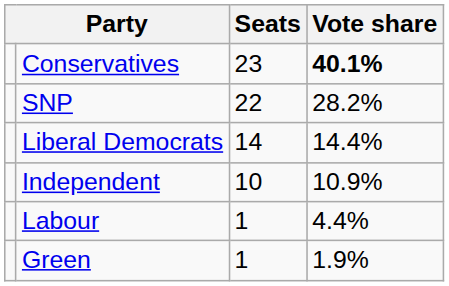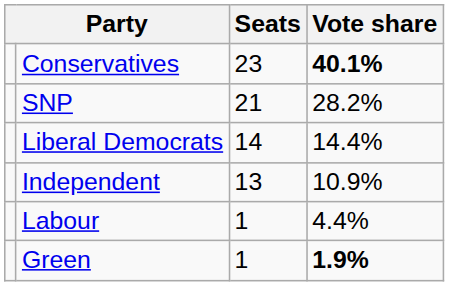 <table class="wikitable sortable">
 <tr>
 <th scope="col" colspan="2">Party</th>
 <th scope="col">Seats</th>
 <th scope="col">Vote share</th>
 </tr>
 <tr>
 <td style="background-color: "></td>
 <td scope="row"><a href='#'>Conservatives</a></td>
 <td>23</td>
 <td><strong>40.1%</strong></td>
 </tr>
 <tr>
 <td style="background-color: "></td>
 <td scope="row"><a href='#'>SNP</a></td>
-<td>22</td>
+<td>21</td>
 <td>28.2%</td>
 </tr>
 <tr>
 <td style="background-color: "></td>
 <td scope="row"><a href='#'>Liberal Democrats</a></td>
 <td>14</td>
 <td>14.4%</td>
 </tr>
 <tr>
 <td style="background-color: "></td>
 <td scope="row"><a href='#'>Independent</a></td>
-<td>10</td>
+<td>13</td>
 <td>10.9%</td>
 </tr>
 <tr>
 <td style="background-color: "></td>
 <td scope="row"><a href='#'>Labour</a></td>
 <td>1</td>
 <td>4.4%</td>
 </tr>
 <tr>
 <td style="background-color: "></td>
 <td scope="row"><a href='#'>Green</a></td>
 <td>1</td>
-<td>1.9%</td>
+<td><strong>1.9%</strong></td>
 </tr>
 </table>
